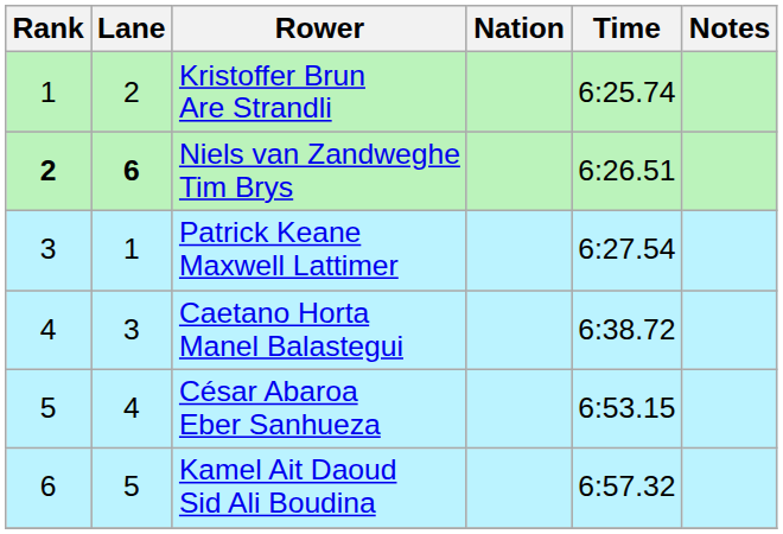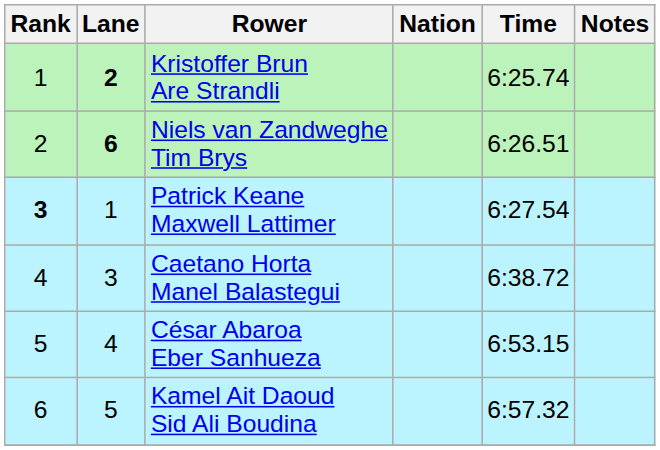 <table class="wikitable sortable" style="text-align:center">
 <tr>
 <th>Rank</th>
 <th>Lane</th>
 <th>Rower</th>
 <th>Nation</th>
 <th>Time</th>
 <th>Notes</th>
 </tr>
 <tr bgcolor=bbf3bb>
 <td>1</td>
-<td>2</td>
+<td><strong>2</strong></td>
 <td align="left"><a href='#'>Kristoffer Brun</a><br><a href='#'>Are Strandli</a></td>
 <td align="left"></td>
 <td>6:25.74</td>
 <td></td>
 </tr>
 <tr bgcolor=bbf3bb>
-<td><strong>2</strong></td>
+<td>2</td>
 <td><strong>6</strong></td>
 <td align="left"><a href='#'>Niels van Zandweghe</a><br><a href='#'>Tim Brys</a></td>
 <td align="left"></td>
 <td>6:26.51</td>
 <td></td>
 </tr>
 <tr bgcolor=bbf3ff>
-<td>3</td>
+<td><strong>3</strong></td>
 <td>1</td>
 <td align="left"><a href='#'>Patrick Keane</a><br><a href='#'>Maxwell Lattimer</a></td>
 <td align="left"></td>
 <td>6:27.54</td>
 <td></td>
 </tr>
 <tr bgcolor=bbf3ff>
 <td>4</td>
 <td>3</td>
 <td align="left"><a href='#'>Caetano Horta</a><br><a href='#'>Manel Balastegui</a></td>
 <td align="left"></td>
 <td>6:38.72</td>
 <td></td>
 </tr>
 <tr bgcolor=bbf3ff>
 <td>5</td>
 <td>4</td>
 <td align="left"><a href='#'>César Abaroa</a><br><a href='#'>Eber Sanhueza</a></td>
 <td align="left"></td>
 <td>6:53.15</td>
 <td></td>
 </tr>
 <tr bgcolor=bbf3ff>
 <td>6</td>
 <td>5</td>
 <td align="left"><a href='#'>Kamel Ait Daoud</a><br><a href='#'>Sid Ali Boudina</a></td>
 <td align="left"></td>
 <td>6:57.32</td>
 <td></td>
 </tr>
 <tr>
 </tr>
 </table>
